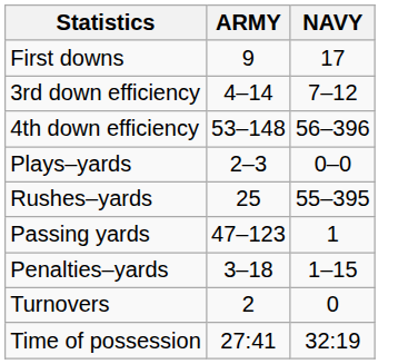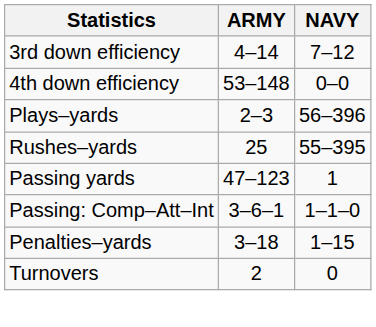 <table class="wikitable">
 <tr>
 <th>Statistics</th>
 <th>ARMY</th>
 <th>NAVY</th>
-</tr>
-<tr>
-<td>First downs</td>
-<td align=center>9</td>
-<td align=center>17</td>
 </tr>
 <tr>
 <td>3rd down efficiency</td>
 <td align=center>4–14</td>
 <td align=center>7–12</td>
 </tr>
 <tr>
 <td>4th down efficiency</td>
 <td align=center>53–148</td>
-<td align=center>56–396</td>
+<td align=center>0–0</td>
 </tr>
 <tr>
 <td>Plays–yards</td>
 <td align=center>2–3</td>
-<td align=center>0–0</td>
+<td align=center>56–396</td>
 </tr>
 <tr>
 <td>Rushes–yards</td>
 <td align=center>25</td>
 <td align=center>55–395</td>
 </tr>
 <tr>
 <td>Passing yards</td>
 <td align=center>47–123</td>
 <td align=center>1</td>
 </tr>
 <tr>
+<td>Passing: Comp–Att–Int</td>
+<td align=center>3–6–1</td>
+<td align=center>1–1–0</td>
+</tr>
+<tr>
 <td>Penalties–yards</td>
 <td align=center>3–18</td>
 <td align=center>1–15</td>
 </tr>
 <tr>
 <td>Turnovers</td>
 <td align=center>2</td>
 <td align=center>0</td>
 </tr>
-<tr>
-<td>Time of possession</td>
-<td align=center>27:41</td>
-<td align=center>32:19</td>
-</tr>
 </table>
